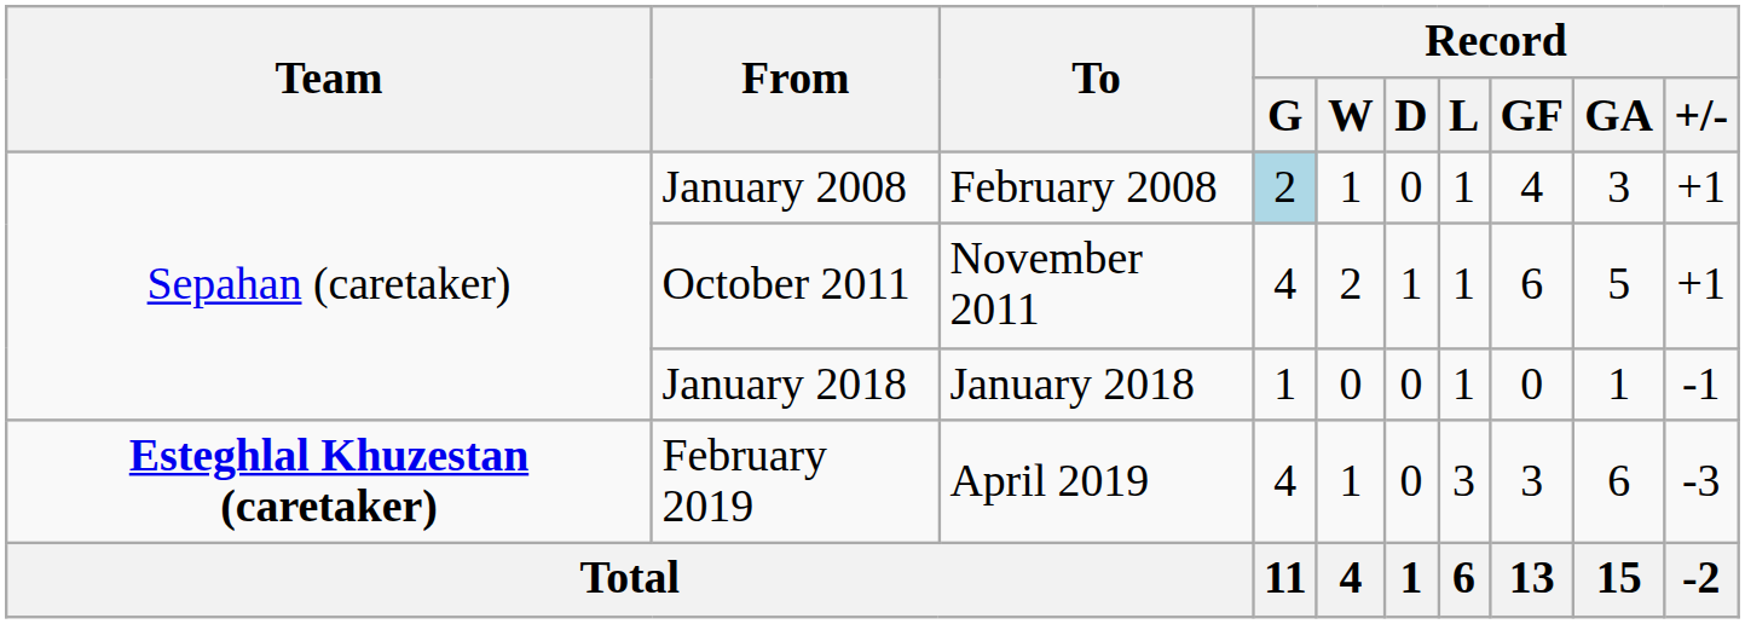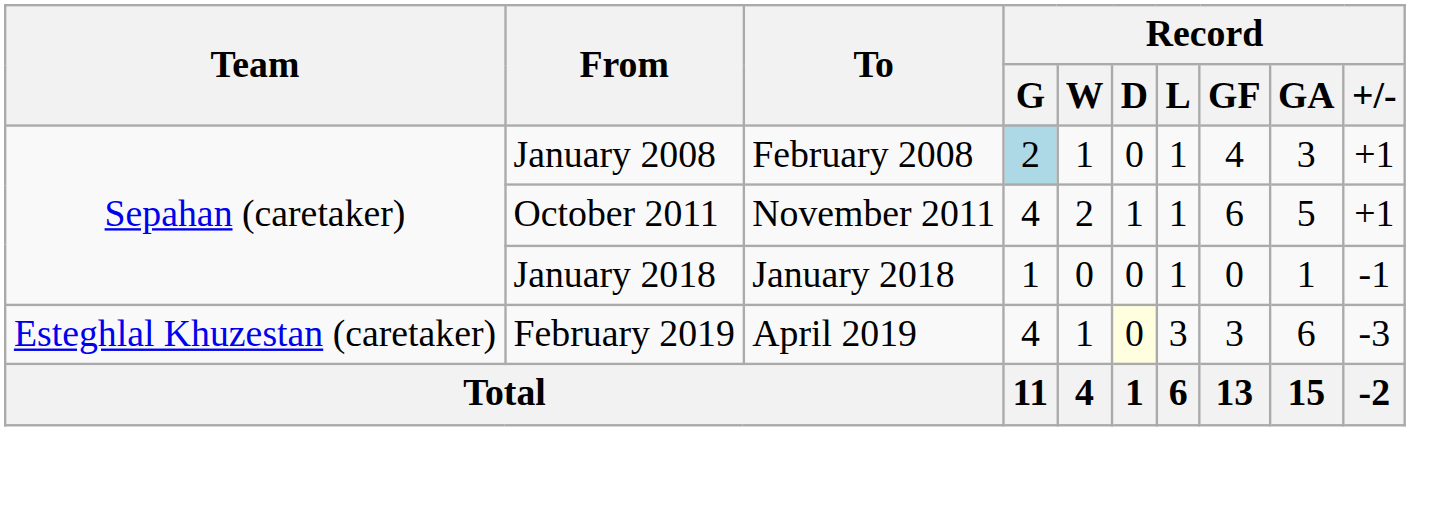 <table class="wikitable" style="text-align: center">
 <tr>
 <th rowspan="2">Team</th>
 <th rowspan="2">From</th>
 <th rowspan="2">To</th>
 <th colspan="8">Record</th>
 </tr>
 <tr>
 <th>G</th>
 <th>W</th>
 <th>D</th>
 <th>L</th>
 <th>GF</th>
 <th>GA</th>
 <th>+/-</th>
 </tr>
 <tr>
 <td rowspan="3"><a href='#'>Sepahan</a> (caretaker)</td>
 <td align="left">January 2008</td>
 <td align="left">February 2008</td>
 <td style="background: lightblue;">2</td>
 <td>1</td>
 <td>0</td>
 <td>1</td>
 <td>4</td>
 <td>3</td>
 <td>+1</td>
 </tr>
 <tr>
 <td align="left">October 2011</td>
 <td align="left">November 2011</td>
 <td>4</td>
 <td>2</td>
 <td>1</td>
 <td>1</td>
 <td>6</td>
 <td>5</td>
 <td>+1</td>
 </tr>
 <tr>
 <td align="left">January 2018</td>
 <td align="left">January 2018</td>
 <td>1</td>
 <td>0</td>
 <td>0</td>
 <td>1</td>
 <td>0</td>
 <td>1</td>
 <td>-1</td>
 </tr>
 <tr>
-<td rowspan="1"><strong><a href='#'>Esteghlal Khuzestan</a> (caretaker)</strong></td>
+<td rowspan="1"><a href='#'>Esteghlal Khuzestan</a> (caretaker)</td>
 <td align="left">February 2019</td>
 <td align="left">April 2019</td>
 <td>4</td>
 <td>1</td>
-<td>0</td>
+<td style="background: lightyellow;">0</td>
 <td>3</td>
 <td>3</td>
 <td>6</td>
 <td>-3</td>
 </tr>
 <tr>
 <th colspan="3">Total</th>
 <th>11</th>
 <th>4</th>
 <th>1</th>
 <th>6</th>
 <th>13</th>
 <th>15</th>
 <th>-2</th>
 </tr>
 </table>
